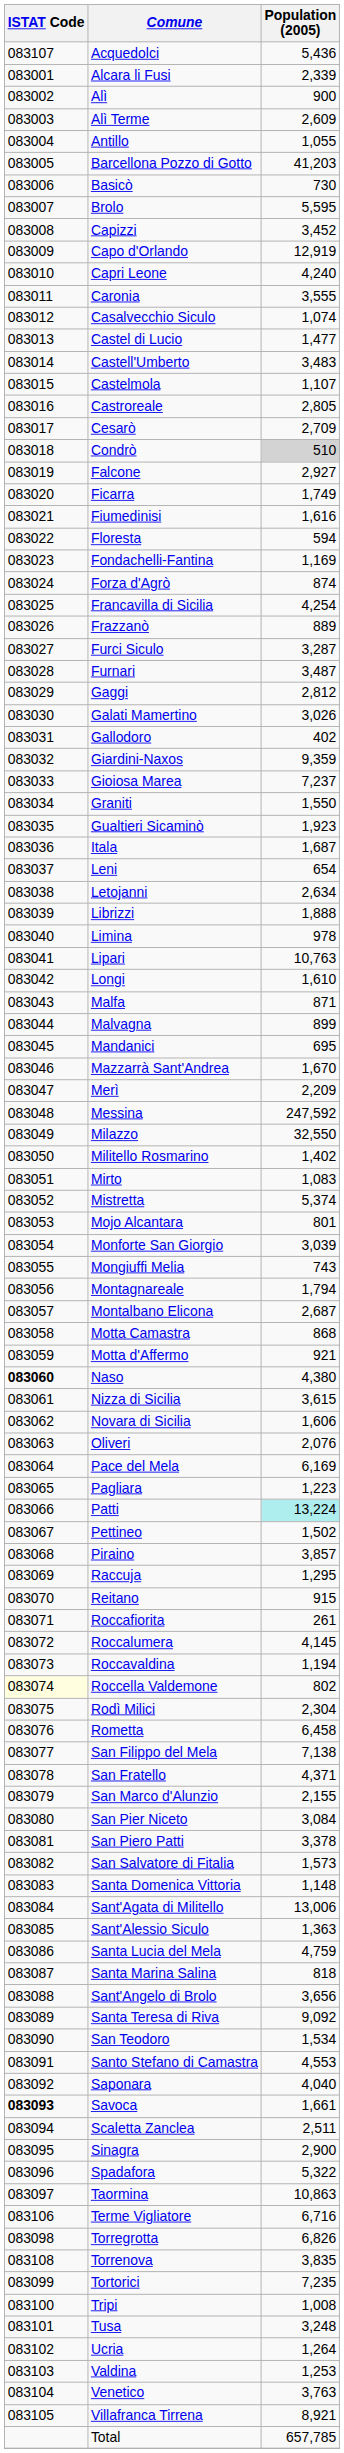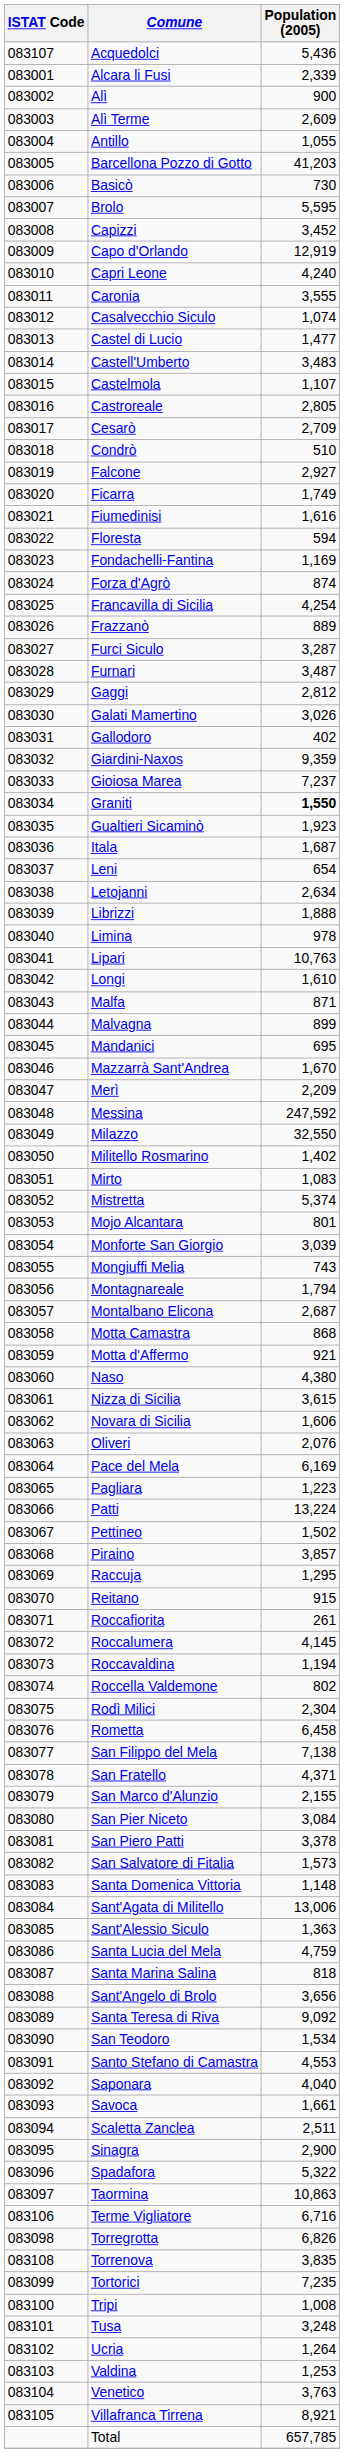 <table class="wikitable sortable">
 <tr>
 <th><a href='#'>ISTAT</a> Code</th>
 <th><em><a href='#'>Comune</a></em></th>
 <th>Population <br>(2005)</th>
 </tr>
 <tr>
 <td>083107</td>
 <td><a href='#'>Acquedolci</a></td>
 <td align="right">5,436</td>
 </tr>
 <tr>
 <td>083001</td>
 <td><a href='#'>Alcara li Fusi</a></td>
 <td align="right">2,339</td>
 </tr>
 <tr>
 <td>083002</td>
 <td><a href='#'>Alì</a></td>
 <td align="right">900</td>
 </tr>
 <tr>
 <td>083003</td>
 <td><a href='#'>Alì Terme</a></td>
 <td align="right">2,609</td>
 </tr>
 <tr>
 <td>083004</td>
 <td><a href='#'>Antillo</a></td>
 <td align="right">1,055</td>
 </tr>
 <tr>
 <td>083005</td>
 <td><a href='#'>Barcellona Pozzo di Gotto</a></td>
 <td align="right">41,203</td>
 </tr>
 <tr>
 <td>083006</td>
 <td><a href='#'>Basicò</a></td>
 <td align="right">730</td>
 </tr>
 <tr>
 <td>083007</td>
 <td><a href='#'>Brolo</a></td>
 <td align="right">5,595</td>
 </tr>
 <tr>
 <td>083008</td>
 <td><a href='#'>Capizzi</a></td>
 <td align="right">3,452</td>
 </tr>
 <tr>
 <td>083009</td>
 <td><a href='#'>Capo d'Orlando</a></td>
 <td align="right">12,919</td>
 </tr>
 <tr>
 <td>083010</td>
 <td><a href='#'>Capri Leone</a></td>
 <td align="right">4,240</td>
 </tr>
 <tr>
 <td>083011</td>
 <td><a href='#'>Caronia</a></td>
 <td align="right">3,555</td>
 </tr>
 <tr>
 <td>083012</td>
 <td><a href='#'>Casalvecchio Siculo</a></td>
 <td align="right">1,074</td>
 </tr>
 <tr>
 <td>083013</td>
 <td><a href='#'>Castel di Lucio</a></td>
 <td align="right">1,477</td>
 </tr>
 <tr>
 <td>083014</td>
 <td><a href='#'>Castell'Umberto</a></td>
 <td align="right">3,483</td>
 </tr>
 <tr>
 <td>083015</td>
 <td><a href='#'>Castelmola</a></td>
 <td align="right">1,107</td>
 </tr>
 <tr>
 <td>083016</td>
 <td><a href='#'>Castroreale</a></td>
 <td align="right">2,805</td>
 </tr>
 <tr>
 <td>083017</td>
 <td><a href='#'>Cesarò</a></td>
 <td align="right">2,709</td>
 </tr>
 <tr>
 <td>083018</td>
 <td><a href='#'>Condrò</a></td>
-<td align="right" style="background: lightgrey;">510</td>
+<td align="right">510</td>
 </tr>
 <tr>
 <td>083019</td>
 <td><a href='#'>Falcone</a></td>
 <td align="right">2,927</td>
 </tr>
 <tr>
 <td>083020</td>
 <td><a href='#'>Ficarra</a></td>
 <td align="right">1,749</td>
 </tr>
 <tr>
 <td>083021</td>
 <td><a href='#'>Fiumedinisi</a></td>
 <td align="right">1,616</td>
 </tr>
 <tr>
 <td>083022</td>
 <td><a href='#'>Floresta</a></td>
 <td align="right">594</td>
 </tr>
 <tr>
 <td>083023</td>
 <td><a href='#'>Fondachelli-Fantina</a></td>
 <td align="right">1,169</td>
 </tr>
 <tr>
 <td>083024</td>
 <td><a href='#'>Forza d'Agrò</a></td>
 <td align="right">874</td>
 </tr>
 <tr>
 <td>083025</td>
 <td><a href='#'>Francavilla di Sicilia</a></td>
 <td align="right">4,254</td>
 </tr>
 <tr>
 <td>083026</td>
 <td><a href='#'>Frazzanò</a></td>
 <td align="right">889</td>
 </tr>
 <tr>
 <td>083027</td>
 <td><a href='#'>Furci Siculo</a></td>
 <td align="right">3,287</td>
 </tr>
 <tr>
 <td>083028</td>
 <td><a href='#'>Furnari</a></td>
 <td align="right">3,487</td>
 </tr>
 <tr>
 <td>083029</td>
 <td><a href='#'>Gaggi</a></td>
 <td align="right">2,812</td>
 </tr>
 <tr>
 <td>083030</td>
 <td><a href='#'>Galati Mamertino</a></td>
 <td align="right">3,026</td>
 </tr>
 <tr>
 <td>083031</td>
 <td><a href='#'>Gallodoro</a></td>
 <td align="right">402</td>
 </tr>
 <tr>
 <td>083032</td>
 <td><a href='#'>Giardini-Naxos</a></td>
 <td align="right">9,359</td>
 </tr>
 <tr>
 <td>083033</td>
 <td><a href='#'>Gioiosa Marea</a></td>
 <td align="right">7,237</td>
 </tr>
 <tr>
 <td>083034</td>
 <td><a href='#'>Graniti</a></td>
-<td align="right">1,550</td>
+<td align="right"><strong>1,550</strong></td>
 </tr>
 <tr>
 <td>083035</td>
 <td><a href='#'>Gualtieri Sicaminò</a></td>
 <td align="right">1,923</td>
 </tr>
 <tr>
 <td>083036</td>
 <td><a href='#'>Itala</a></td>
 <td align="right">1,687</td>
 </tr>
 <tr>
 <td>083037</td>
 <td><a href='#'>Leni</a></td>
 <td align="right">654</td>
 </tr>
 <tr>
 <td>083038</td>
 <td><a href='#'>Letojanni</a></td>
 <td align="right">2,634</td>
 </tr>
 <tr>
 <td>083039</td>
 <td><a href='#'>Librizzi</a></td>
 <td align="right">1,888</td>
 </tr>
 <tr>
 <td>083040</td>
 <td><a href='#'>Limina</a></td>
 <td align="right">978</td>
 </tr>
 <tr>
 <td>083041</td>
 <td><a href='#'>Lipari</a></td>
 <td align="right">10,763</td>
 </tr>
 <tr>
 <td>083042</td>
 <td><a href='#'>Longi</a></td>
 <td align="right">1,610</td>
 </tr>
 <tr>
 <td>083043</td>
 <td><a href='#'>Malfa</a></td>
 <td align="right">871</td>
 </tr>
 <tr>
 <td>083044</td>
 <td><a href='#'>Malvagna</a></td>
 <td align="right">899</td>
 </tr>
 <tr>
 <td>083045</td>
 <td><a href='#'>Mandanici</a></td>
 <td align="right">695</td>
 </tr>
 <tr>
 <td>083046</td>
 <td><a href='#'>Mazzarrà Sant'Andrea</a></td>
 <td align="right">1,670</td>
 </tr>
 <tr>
 <td>083047</td>
 <td><a href='#'>Merì</a></td>
 <td align="right">2,209</td>
 </tr>
 <tr>
 <td>083048</td>
 <td><a href='#'>Messina</a></td>
 <td align="right">247,592</td>
 </tr>
 <tr>
 <td>083049</td>
 <td><a href='#'>Milazzo</a></td>
 <td align="right">32,550</td>
 </tr>
 <tr>
 <td>083050</td>
 <td><a href='#'>Militello Rosmarino</a></td>
 <td align="right">1,402</td>
 </tr>
 <tr>
 <td>083051</td>
 <td><a href='#'>Mirto</a></td>
 <td align="right">1,083</td>
 </tr>
 <tr>
 <td>083052</td>
 <td><a href='#'>Mistretta</a></td>
 <td align="right">5,374</td>
 </tr>
 <tr>
 <td>083053</td>
 <td><a href='#'>Mojo Alcantara</a></td>
 <td align="right">801</td>
 </tr>
 <tr>
 <td>083054</td>
 <td><a href='#'>Monforte San Giorgio</a></td>
 <td align="right">3,039</td>
 </tr>
 <tr>
 <td>083055</td>
 <td><a href='#'>Mongiuffi Melia</a></td>
 <td align="right">743</td>
 </tr>
 <tr>
 <td>083056</td>
 <td><a href='#'>Montagnareale</a></td>
 <td align="right">1,794</td>
 </tr>
 <tr>
 <td>083057</td>
 <td><a href='#'>Montalbano Elicona</a></td>
 <td align="right">2,687</td>
 </tr>
 <tr>
 <td>083058</td>
 <td><a href='#'>Motta Camastra</a></td>
 <td align="right">868</td>
 </tr>
 <tr>
 <td>083059</td>
 <td><a href='#'>Motta d'Affermo</a></td>
 <td align="right">921</td>
 </tr>
 <tr>
-<td><strong>083060</strong></td>
+<td>083060</td>
 <td><a href='#'>Naso</a></td>
 <td align="right">4,380</td>
 </tr>
 <tr>
 <td>083061</td>
 <td><a href='#'>Nizza di Sicilia</a></td>
 <td align="right">3,615</td>
 </tr>
 <tr>
 <td>083062</td>
 <td><a href='#'>Novara di Sicilia</a></td>
 <td align="right">1,606</td>
 </tr>
 <tr>
 <td>083063</td>
 <td><a href='#'>Oliveri</a></td>
 <td align="right">2,076</td>
 </tr>
 <tr>
 <td>083064</td>
 <td><a href='#'>Pace del Mela</a></td>
 <td align="right">6,169</td>
 </tr>
 <tr>
 <td>083065</td>
 <td><a href='#'>Pagliara</a></td>
 <td align="right">1,223</td>
 </tr>
 <tr>
 <td>083066</td>
 <td><a href='#'>Patti</a></td>
-<td align="right" style="background: paleturquoise;">13,224</td>
+<td align="right">13,224</td>
 </tr>
 <tr>
 <td>083067</td>
 <td><a href='#'>Pettineo</a></td>
 <td align="right">1,502</td>
 </tr>
 <tr>
 <td>083068</td>
 <td><a href='#'>Piraino</a></td>
 <td align="right">3,857</td>
 </tr>
 <tr>
 <td>083069</td>
 <td><a href='#'>Raccuja</a></td>
 <td align="right">1,295</td>
 </tr>
 <tr>
 <td>083070</td>
 <td><a href='#'>Reitano</a></td>
 <td align="right">915</td>
 </tr>
 <tr>
 <td>083071</td>
 <td><a href='#'>Roccafiorita</a></td>
 <td align="right">261</td>
 </tr>
 <tr>
 <td>083072</td>
 <td><a href='#'>Roccalumera</a></td>
 <td align="right">4,145</td>
 </tr>
 <tr>
 <td>083073</td>
 <td><a href='#'>Roccavaldina</a></td>
 <td align="right">1,194</td>
 </tr>
 <tr>
-<td style="background: lightyellow;">083074</td>
+<td>083074</td>
 <td><a href='#'>Roccella Valdemone</a></td>
 <td align="right">802</td>
 </tr>
 <tr>
 <td>083075</td>
 <td><a href='#'>Rodì Milici</a></td>
 <td align="right">2,304</td>
 </tr>
 <tr>
 <td>083076</td>
 <td><a href='#'>Rometta</a></td>
 <td align="right">6,458</td>
 </tr>
 <tr>
 <td>083077</td>
 <td><a href='#'>San Filippo del Mela</a></td>
 <td align="right">7,138</td>
 </tr>
 <tr>
 <td>083078</td>
 <td><a href='#'>San Fratello</a></td>
 <td align="right">4,371</td>
 </tr>
 <tr>
 <td>083079</td>
 <td><a href='#'>San Marco d'Alunzio</a></td>
 <td align="right">2,155</td>
 </tr>
 <tr>
 <td>083080</td>
 <td><a href='#'>San Pier Niceto</a></td>
 <td align="right">3,084</td>
 </tr>
 <tr>
 <td>083081</td>
 <td><a href='#'>San Piero Patti</a></td>
 <td align="right">3,378</td>
 </tr>
 <tr>
 <td>083082</td>
 <td><a href='#'>San Salvatore di Fitalia</a></td>
 <td align="right">1,573</td>
 </tr>
 <tr>
 <td>083083</td>
 <td><a href='#'>Santa Domenica Vittoria</a></td>
 <td align="right">1,148</td>
 </tr>
 <tr>
 <td>083084</td>
 <td><a href='#'>Sant'Agata di Militello</a></td>
 <td align="right">13,006</td>
 </tr>
 <tr>
 <td>083085</td>
 <td><a href='#'>Sant'Alessio Siculo</a></td>
 <td align="right">1,363</td>
 </tr>
 <tr>
 <td>083086</td>
 <td><a href='#'>Santa Lucia del Mela</a></td>
 <td align="right">4,759</td>
 </tr>
 <tr>
 <td>083087</td>
 <td><a href='#'>Santa Marina Salina</a></td>
 <td align="right">818</td>
 </tr>
 <tr>
 <td>083088</td>
 <td><a href='#'>Sant'Angelo di Brolo</a></td>
 <td align="right">3,656</td>
 </tr>
 <tr>
 <td>083089</td>
 <td><a href='#'>Santa Teresa di Riva</a></td>
 <td align="right">9,092</td>
 </tr>
 <tr>
 <td>083090</td>
 <td><a href='#'>San Teodoro</a></td>
 <td align="right">1,534</td>
 </tr>
 <tr>
 <td>083091</td>
 <td><a href='#'>Santo Stefano di Camastra</a></td>
 <td align="right">4,553</td>
 </tr>
 <tr>
 <td>083092</td>
 <td><a href='#'>Saponara</a></td>
 <td align="right">4,040</td>
 </tr>
 <tr>
-<td><strong>083093</strong></td>
+<td>083093</td>
 <td><a href='#'>Savoca</a></td>
 <td align="right">1,661</td>
 </tr>
 <tr>
 <td>083094</td>
 <td><a href='#'>Scaletta Zanclea</a></td>
 <td align="right">2,511</td>
 </tr>
 <tr>
 <td>083095</td>
 <td><a href='#'>Sinagra</a></td>
 <td align="right">2,900</td>
 </tr>
 <tr>
 <td>083096</td>
 <td><a href='#'>Spadafora</a></td>
 <td align="right">5,322</td>
 </tr>
 <tr>
 <td>083097</td>
 <td><a href='#'>Taormina</a></td>
 <td align="right">10,863</td>
 </tr>
 <tr>
 <td>083106</td>
 <td><a href='#'>Terme Vigliatore</a></td>
 <td align="right">6,716</td>
 </tr>
 <tr>
 <td>083098</td>
 <td><a href='#'>Torregrotta</a></td>
 <td align="right">6,826</td>
 </tr>
 <tr>
 <td>083108</td>
 <td><a href='#'>Torrenova</a></td>
 <td align="right">3,835</td>
 </tr>
 <tr>
 <td>083099</td>
 <td><a href='#'>Tortorici</a></td>
 <td align="right">7,235</td>
 </tr>
 <tr>
 <td>083100</td>
 <td><a href='#'>Tripi</a></td>
 <td align="right">1,008</td>
 </tr>
 <tr>
 <td>083101</td>
 <td><a href='#'>Tusa</a></td>
 <td align="right">3,248</td>
 </tr>
 <tr>
 <td>083102</td>
 <td><a href='#'>Ucria</a></td>
 <td align="right">1,264</td>
 </tr>
 <tr>
 <td>083103</td>
 <td><a href='#'>Valdina</a></td>
 <td align="right">1,253</td>
 </tr>
 <tr>
 <td>083104</td>
 <td><a href='#'>Venetico</a></td>
 <td align="right">3,763</td>
 </tr>
 <tr>
 <td>083105</td>
 <td><a href='#'>Villafranca Tirrena</a></td>
 <td align="right">8,921</td>
 </tr>
 <tr>
 <td></td>
 <td>Total</td>
 <td align="right">657,785</td>
 </tr>
 <tr>
 </tr>
 </table>
